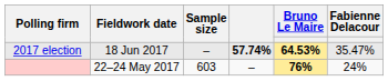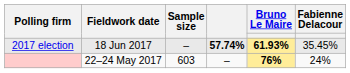 <table class="wikitable sortable" style="text-align:center;font-size:90%;line-height:14px;">
 <tr style="height:40px;">
 <th style="width:100px;" rowspan="2">Polling firm</th>
 <th style="width:110px;" rowspan="2">Fieldwork date</th>
 <th style="width:35px;" rowspan="2">Sample<br>size</th>
 <th style="width:30px;" rowspan="2"></th>
 <th class="unsortable" style="width:60px;"><a href='#'>Bruno Le Maire</a><br></th>
 <th class="unsortable" style="width:60px;">Fabienne Delacour<br></th>
 </tr>
 <tr>
 <th style="background:"></th>
 <th style="background:"></th>
 </tr>
 <tr style="background:#E9E9E9;">
 <td><a href='#'>2017 election</a></td>
 <td data-sort-value="2017-06-18">18 Jun 2017</td>
 <td>–</td>
 <td><strong>57.74%</strong></td>
-<td style="background:#FFED99;"><strong>64.53%</strong></td>
-<td>35.47%</td>
+<td style="background:#FFED99;"><strong>61.93%</strong></td>
+<td>35.45%</td>
 </tr>
 <tr>
 <td style="background:#FFCCCC;"></td>
 <td data-sort-value="2017-05-24">22–24 May 2017</td>
 <td>603</td>
 <td>–</td>
 <td style="background:#FFED99;"><strong>76%</strong></td>
 <td>24%</td>
 </tr>
 </table>
